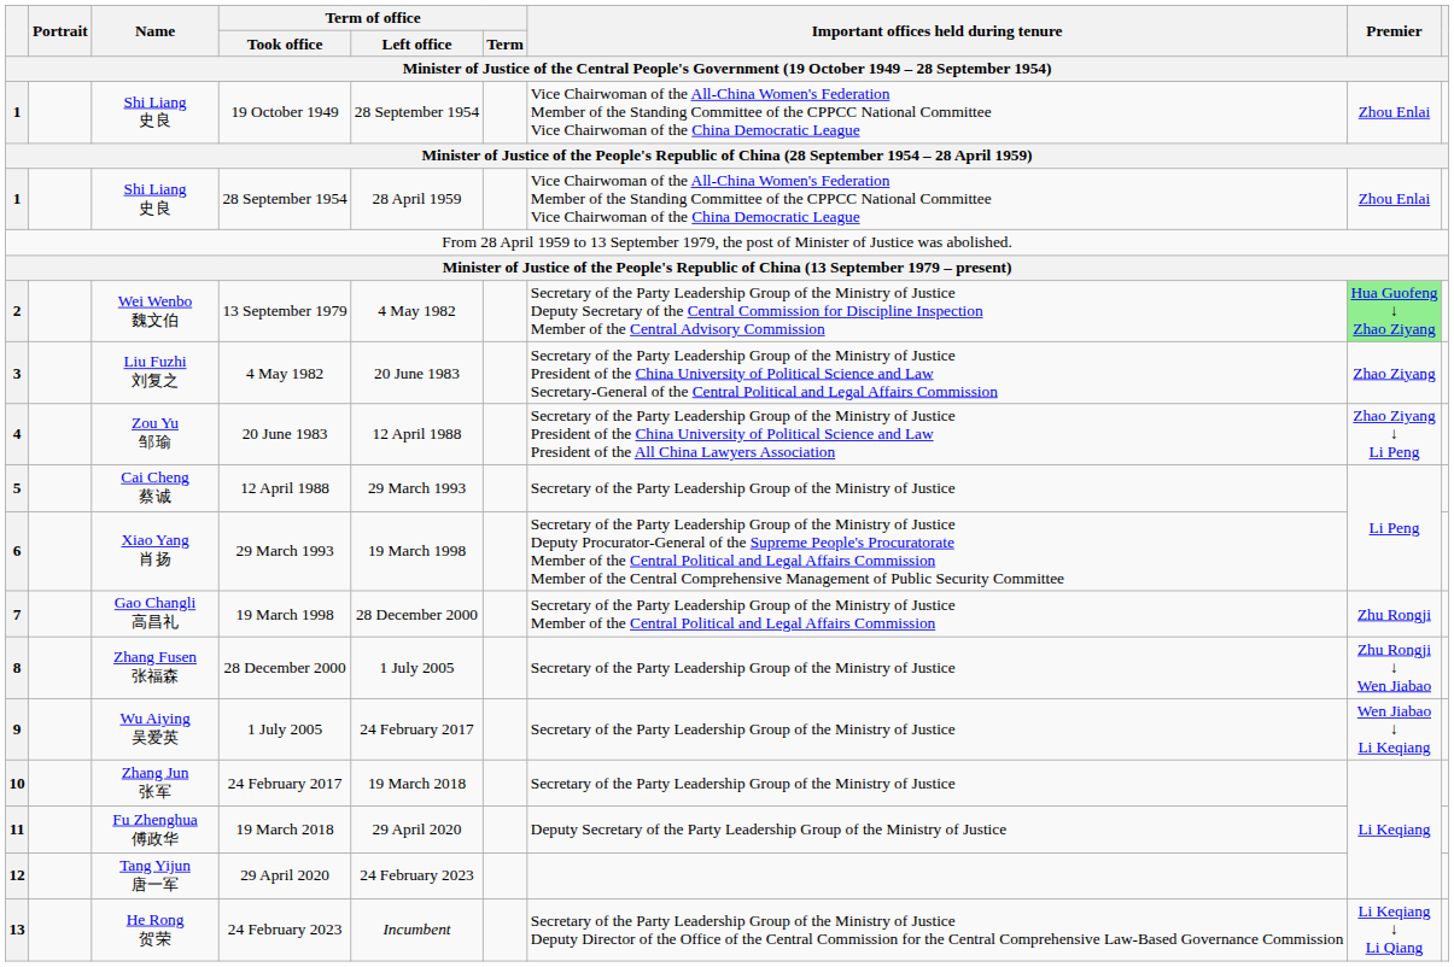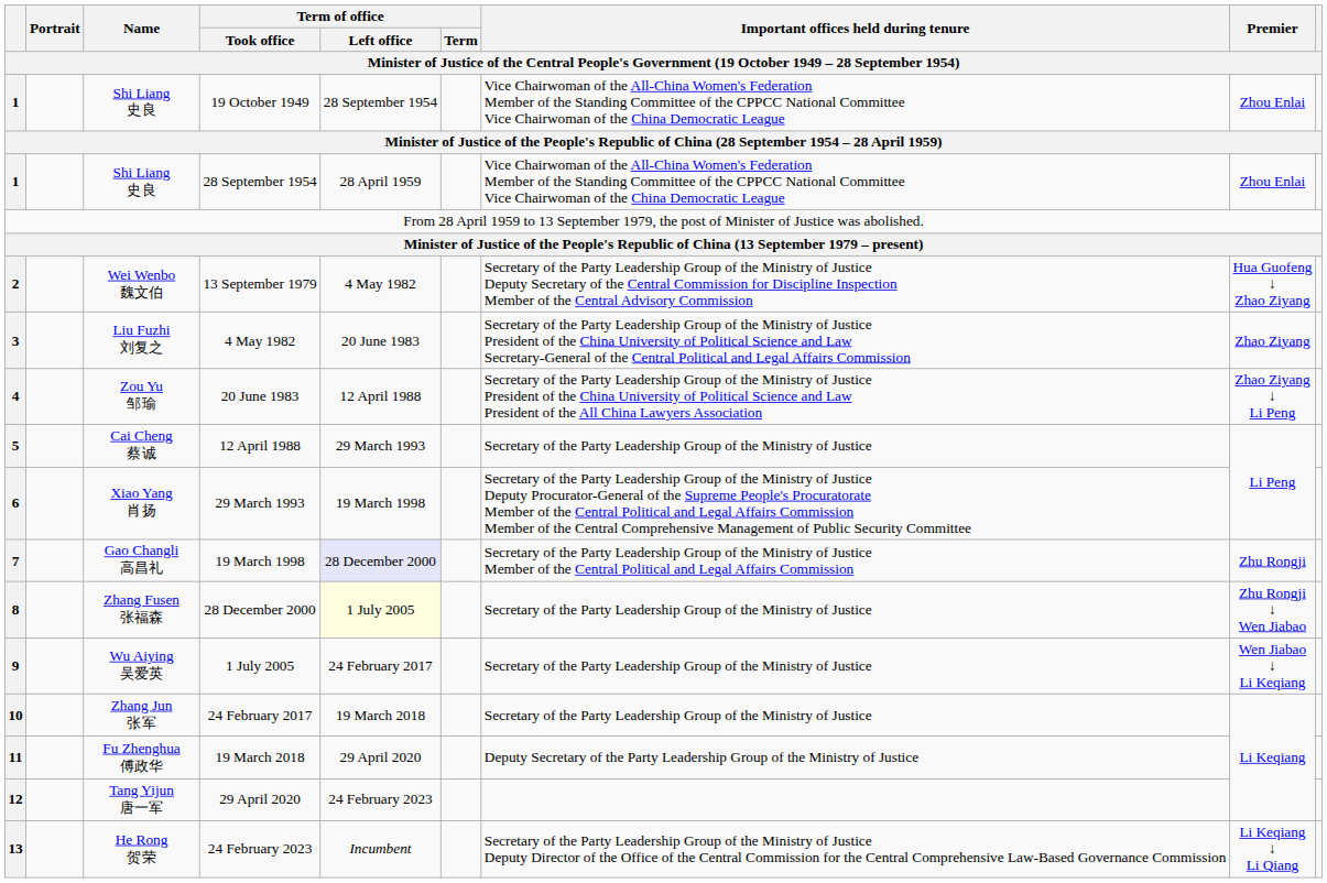 <table class="wikitable" style="text-align:center">
 <tr>
 <th rowspan="2"></th>
 <th rowspan="2">Portrait</th>
 <th rowspan="2" width="120">Name<br></th>
 <th colspan="3">Term of office</th>
 <th rowspan="2">Important offices held during tenure</th>
 <th rowspan="2">Premier</th>
 <th rowspan="2"></th>
 </tr>
 <tr>
 <th>Took office</th>
 <th>Left office</th>
 <th>Term</th>
 </tr>
 <tr>
 <th colspan="9"><strong>Minister of Justice of the Central People's Government (19 October 1949 – 28 September 1954)</strong></th>
 </tr>
 <tr>
 <th>1</th>
 <td></td>
 <td><a href='#'>Shi Liang</a><br>史良<br></td>
 <td>19 October 1949</td>
 <td>28 September 1954</td>
 <td></td>
 <td align="left">Vice Chairwoman of the <a href='#'>All-China Women's Federation</a><br>Member of the Standing Committee of the CPPCC National Committee<br>Vice Chairwoman of the <a href='#'>China Democratic League</a></td>
 <td><a href='#'>Zhou Enlai</a></td>
 <td></td>
 </tr>
 <tr>
 <th colspan="9"><strong>Minister of Justice of the People's Republic of China (28 September 1954 – 28 April 1959)</strong></th>
 </tr>
 <tr>
 <th>1</th>
 <td></td>
 <td><a href='#'>Shi Liang</a><br>史良<br></td>
 <td>28 September 1954</td>
 <td>28 April 1959</td>
 <td></td>
 <td align="left">Vice Chairwoman of the <a href='#'>All-China Women's Federation</a><br>Member of the Standing Committee of the CPPCC National Committee<br>Vice Chairwoman of the <a href='#'>China Democratic League</a></td>
 <td><a href='#'>Zhou Enlai</a></td>
 <td></td>
 </tr>
 <tr>
 <td colspan="9">From 28 April 1959 to 13 September 1979, the post of Minister of Justice was abolished.</td>
 </tr>
 <tr>
 <th colspan="9"><strong>Minister of Justice of the People's Republic of China (13 September 1979 – present)</strong></th>
 </tr>
 <tr>
 <th>2</th>
 <td></td>
 <td><a href='#'>Wei Wenbo</a><br>魏文伯<br></td>
 <td>13 September 1979</td>
 <td>4 May 1982</td>
 <td></td>
 <td align="left">Secretary of the Party Leadership Group of the Ministry of Justice<br>Deputy Secretary of the <a href='#'>Central Commission for Discipline Inspection</a><br>Member of the <a href='#'>Central Advisory Commission</a></td>
-<td style="background: lightgreen;"><a href='#'>Hua Guofeng</a><br>↓<br><a href='#'>Zhao Ziyang</a></td>
+<td><a href='#'>Hua Guofeng</a><br>↓<br><a href='#'>Zhao Ziyang</a></td>
 <td></td>
 </tr>
 <tr>
 <th>3</th>
 <td></td>
 <td><a href='#'>Liu Fuzhi</a><br>刘复之<br></td>
 <td>4 May 1982</td>
 <td>20 June 1983</td>
 <td></td>
 <td align="left">Secretary of the Party Leadership Group of the Ministry of Justice<br>President of the <a href='#'>China University of Political Science and Law</a><br>Secretary-General of the <a href='#'>Central Political and Legal Affairs Commission</a></td>
 <td><a href='#'>Zhao Ziyang</a></td>
 <td></td>
 </tr>
 <tr>
 <th>4</th>
 <td></td>
 <td><a href='#'>Zou Yu</a><br>邹瑜<br></td>
 <td>20 June 1983</td>
 <td>12 April 1988</td>
 <td></td>
 <td align="left">Secretary of the Party Leadership Group of the Ministry of Justice<br>President of the <a href='#'>China University of Political Science and Law</a><br>President of the <a href='#'>All China Lawyers Association</a></td>
 <td><a href='#'>Zhao Ziyang</a><br>↓<br><a href='#'>Li Peng</a></td>
 <td></td>
 </tr>
 <tr>
 <th>5</th>
 <td></td>
 <td><a href='#'>Cai Cheng</a><br>蔡诚<br></td>
 <td>12 April 1988</td>
 <td>29 March 1993</td>
 <td></td>
 <td align="left">Secretary of the Party Leadership Group of the Ministry of Justice</td>
 <td rowspan="2"><a href='#'>Li Peng</a></td>
 <td></td>
 </tr>
 <tr>
 <th>6</th>
 <td></td>
 <td><a href='#'>Xiao Yang</a><br>肖扬<br></td>
 <td>29 March 1993</td>
 <td>19 March 1998</td>
 <td></td>
 <td align="left">Secretary of the Party Leadership Group of the Ministry of Justice<br>Deputy Procurator-General of the <a href='#'>Supreme People's Procuratorate</a><br>Member of the <a href='#'>Central Political and Legal Affairs Commission</a><br>Member of the Central Comprehensive Management of Public Security Committee</td>
 <td></td>
 </tr>
 <tr>
 <th>7</th>
 <td></td>
 <td><a href='#'>Gao Changli</a><br>高昌礼<br></td>
 <td>19 March 1998</td>
-<td>28 December 2000</td>
+<td style="background: lavender;">28 December 2000</td>
 <td></td>
 <td align="left">Secretary of the Party Leadership Group of the Ministry of Justice<br>Member of the <a href='#'>Central Political and Legal Affairs Commission</a></td>
 <td><a href='#'>Zhu Rongji</a></td>
 <td></td>
 </tr>
 <tr>
 <th>8</th>
 <td></td>
 <td><a href='#'>Zhang Fusen</a><br>张福森<br></td>
 <td>28 December 2000</td>
-<td>1 July 2005</td>
+<td style="background: lightyellow;">1 July 2005</td>
 <td></td>
 <td align="left">Secretary of the Party Leadership Group of the Ministry of Justice</td>
 <td><a href='#'>Zhu Rongji</a><br>↓<br><a href='#'>Wen Jiabao</a></td>
 <td></td>
 </tr>
 <tr>
 <th>9</th>
 <td></td>
 <td><a href='#'>Wu Aiying</a><br>吴爱英<br></td>
 <td>1 July 2005</td>
 <td>24 February 2017</td>
 <td></td>
 <td align="left">Secretary of the Party Leadership Group of the Ministry of Justice</td>
 <td><a href='#'>Wen Jiabao</a><br>↓<br><a href='#'>Li Keqiang</a></td>
 <td></td>
 </tr>
 <tr>
 <th>10</th>
 <td></td>
 <td><a href='#'>Zhang Jun</a><br>张军<br></td>
 <td>24 February 2017</td>
 <td>19 March 2018</td>
 <td></td>
 <td align="left">Secretary of the Party Leadership Group of the Ministry of Justice</td>
 <td rowspan="3"><a href='#'>Li Keqiang</a></td>
 <td></td>
 </tr>
 <tr>
 <th>11</th>
 <td></td>
 <td><a href='#'>Fu Zhenghua</a><br>傅政华<br></td>
 <td>19 March 2018</td>
 <td>29 April 2020</td>
 <td></td>
 <td align="left">Deputy Secretary of the Party Leadership Group of the Ministry of Justice</td>
 <td></td>
 </tr>
 <tr>
 <th>12</th>
 <td></td>
 <td><a href='#'>Tang Yijun</a><br>唐一军<br></td>
 <td>29 April 2020</td>
 <td>24 February 2023</td>
 <td></td>
 <td align="left"></td>
 <td></td>
 </tr>
 <tr>
 <th>13</th>
 <td></td>
 <td><a href='#'>He Rong</a><br>贺荣<br></td>
 <td>24 February 2023</td>
 <td><em>Incumbent</em></td>
 <td></td>
 <td align="left">Secretary of the Party Leadership Group of the Ministry of Justice<br>Deputy Director of the Office of the Central Commission for the Central Comprehensive Law-Based Governance Commission</td>
 <td><a href='#'>Li Keqiang</a><br>↓<br><a href='#'>Li Qiang</a></td>
 <td></td>
 </tr>
 </table>
